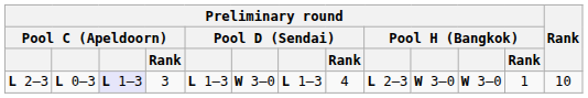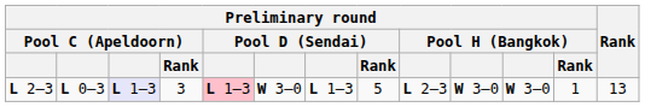 <table class="wikitable" style="font-size:100%;">
 <tr>
 <th colspan=12>Preliminary round</th>
 <th rowspan=3>Rank</th>
 </tr>
 <tr>
 <th colspan=4>Pool C (Apeldoorn)</th>
 <th colspan=4>Pool D (Sendai)</th>
 <th colspan=4>Pool H (Bangkok)</th>
 </tr>
 <tr>
 <th></th>
 <th></th>
 <th></th>
 <th>Rank</th>
 <th></th>
 <th></th>
 <th></th>
 <th>Rank</th>
 <th></th>
 <th></th>
 <th></th>
 <th>Rank</th>
 </tr>
 <tr align=center>
 <td><strong>L</strong> 2–3</td>
 <td><strong>L</strong> 0–3</td>
 <td style="background: lavender;"><strong>L</strong> 1–3</td>
 <td>3</td>
-<td><strong>L</strong> 1–3</td>
+<td style="background: pink;"><strong>L</strong> 1–3</td>
 <td><strong>W</strong> 3–0</td>
 <td><strong>L</strong> 1–3</td>
-<td>4</td>
+<td>5</td>
 <td><strong>L</strong> 2–3</td>
 <td><strong>W</strong> 3–0</td>
 <td><strong>W</strong> 3–0</td>
 <td>1</td>
-<td>10</td>
+<td>13</td>
 </tr>
 </table>
